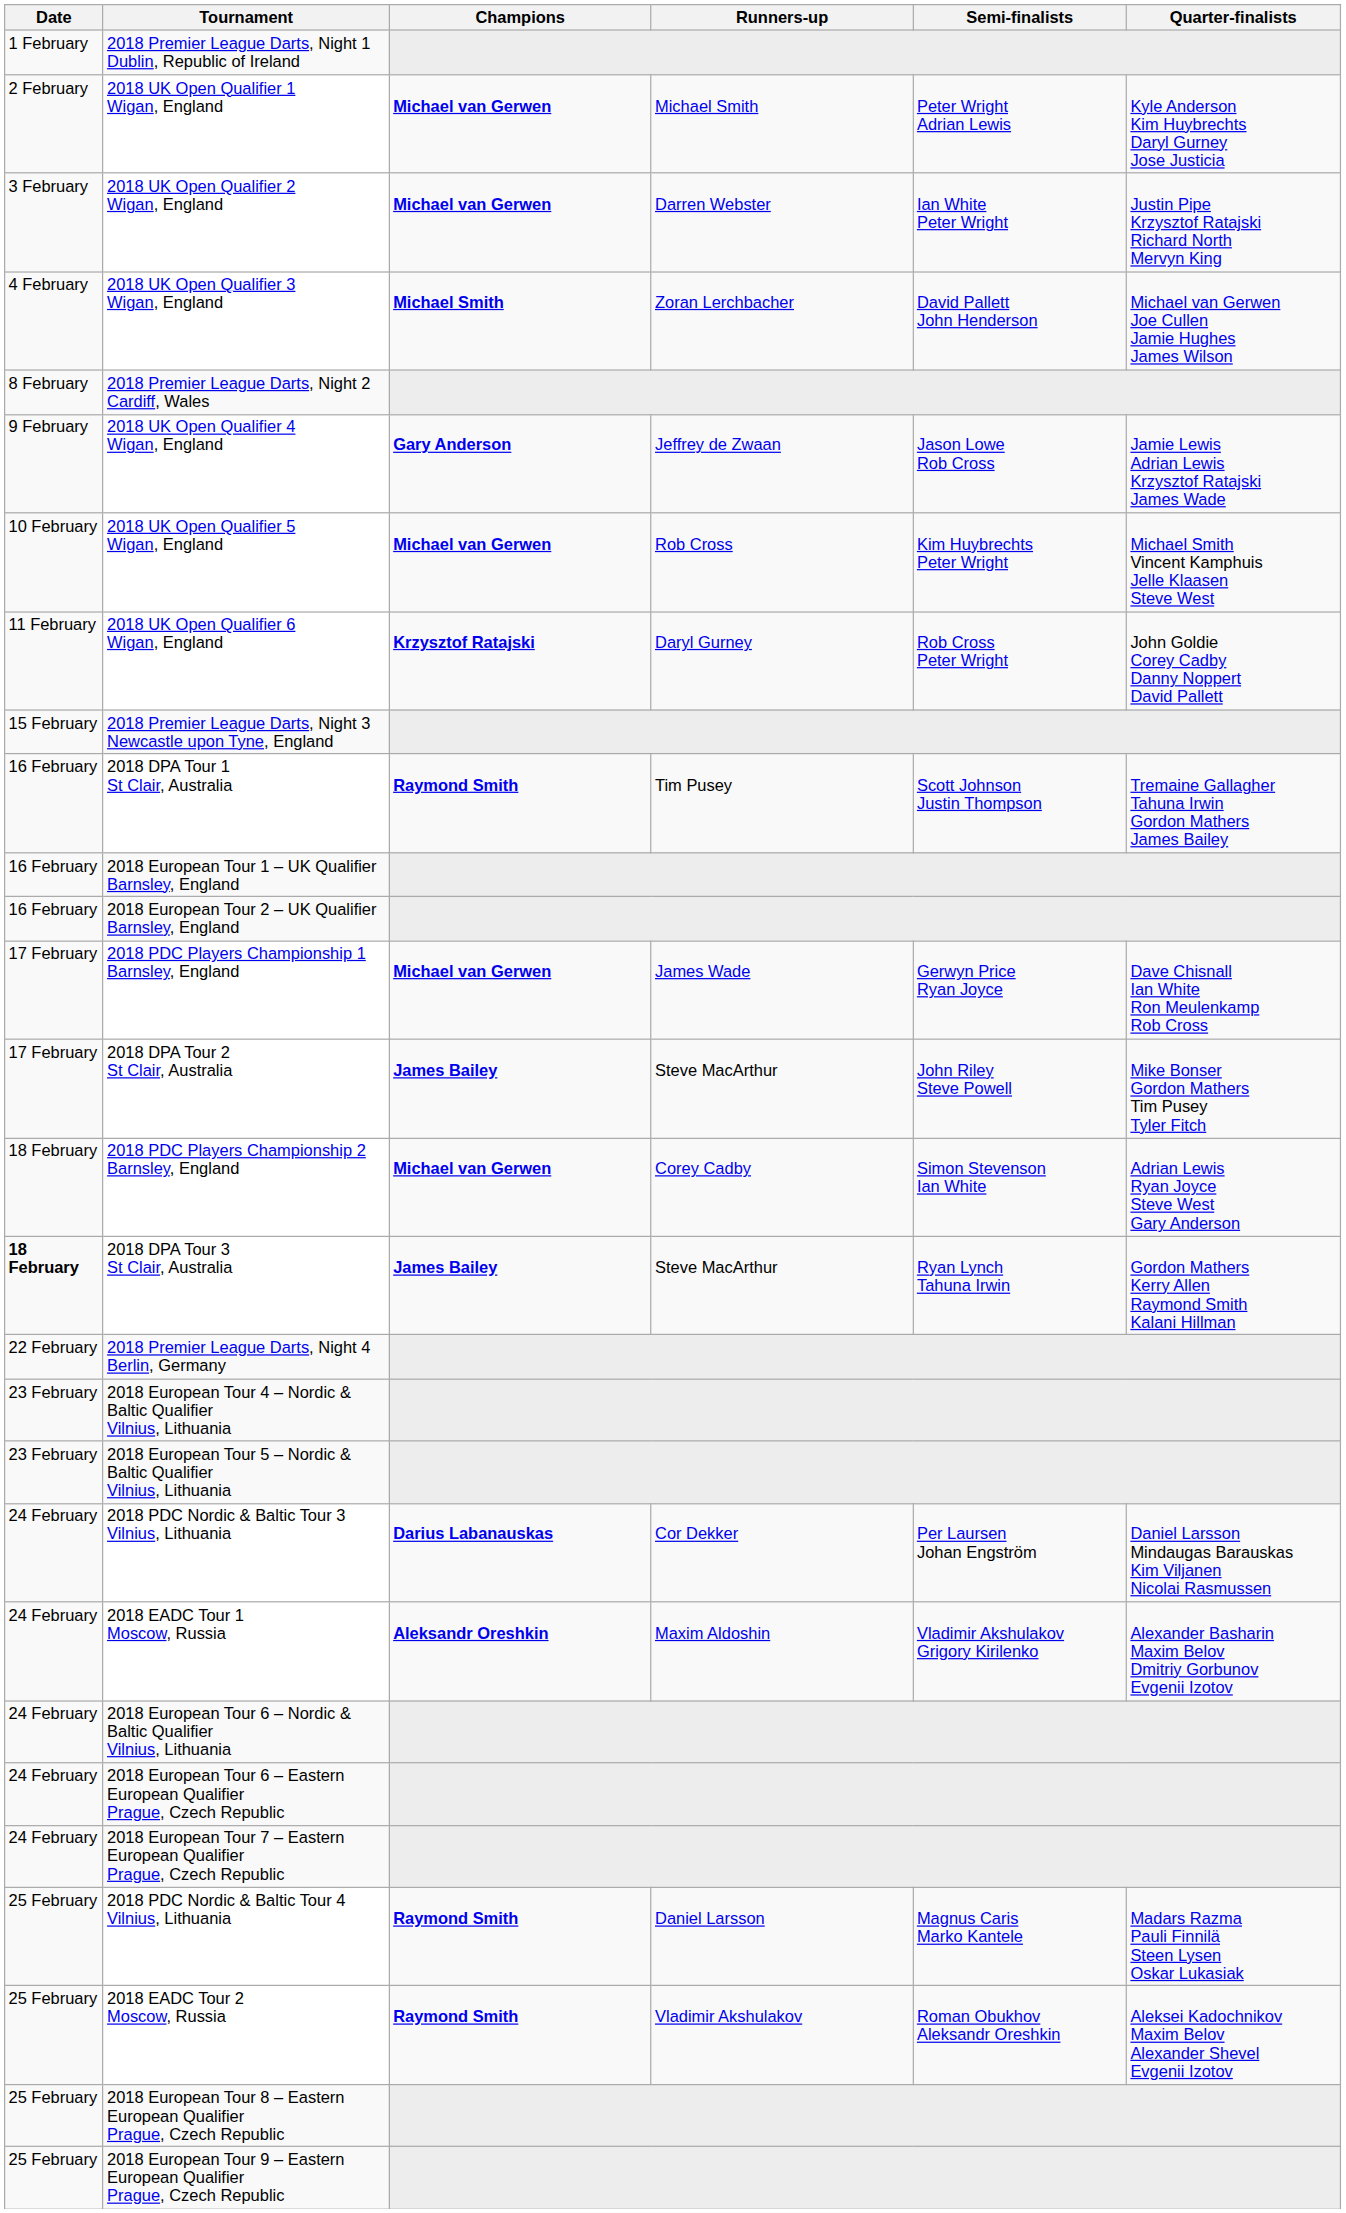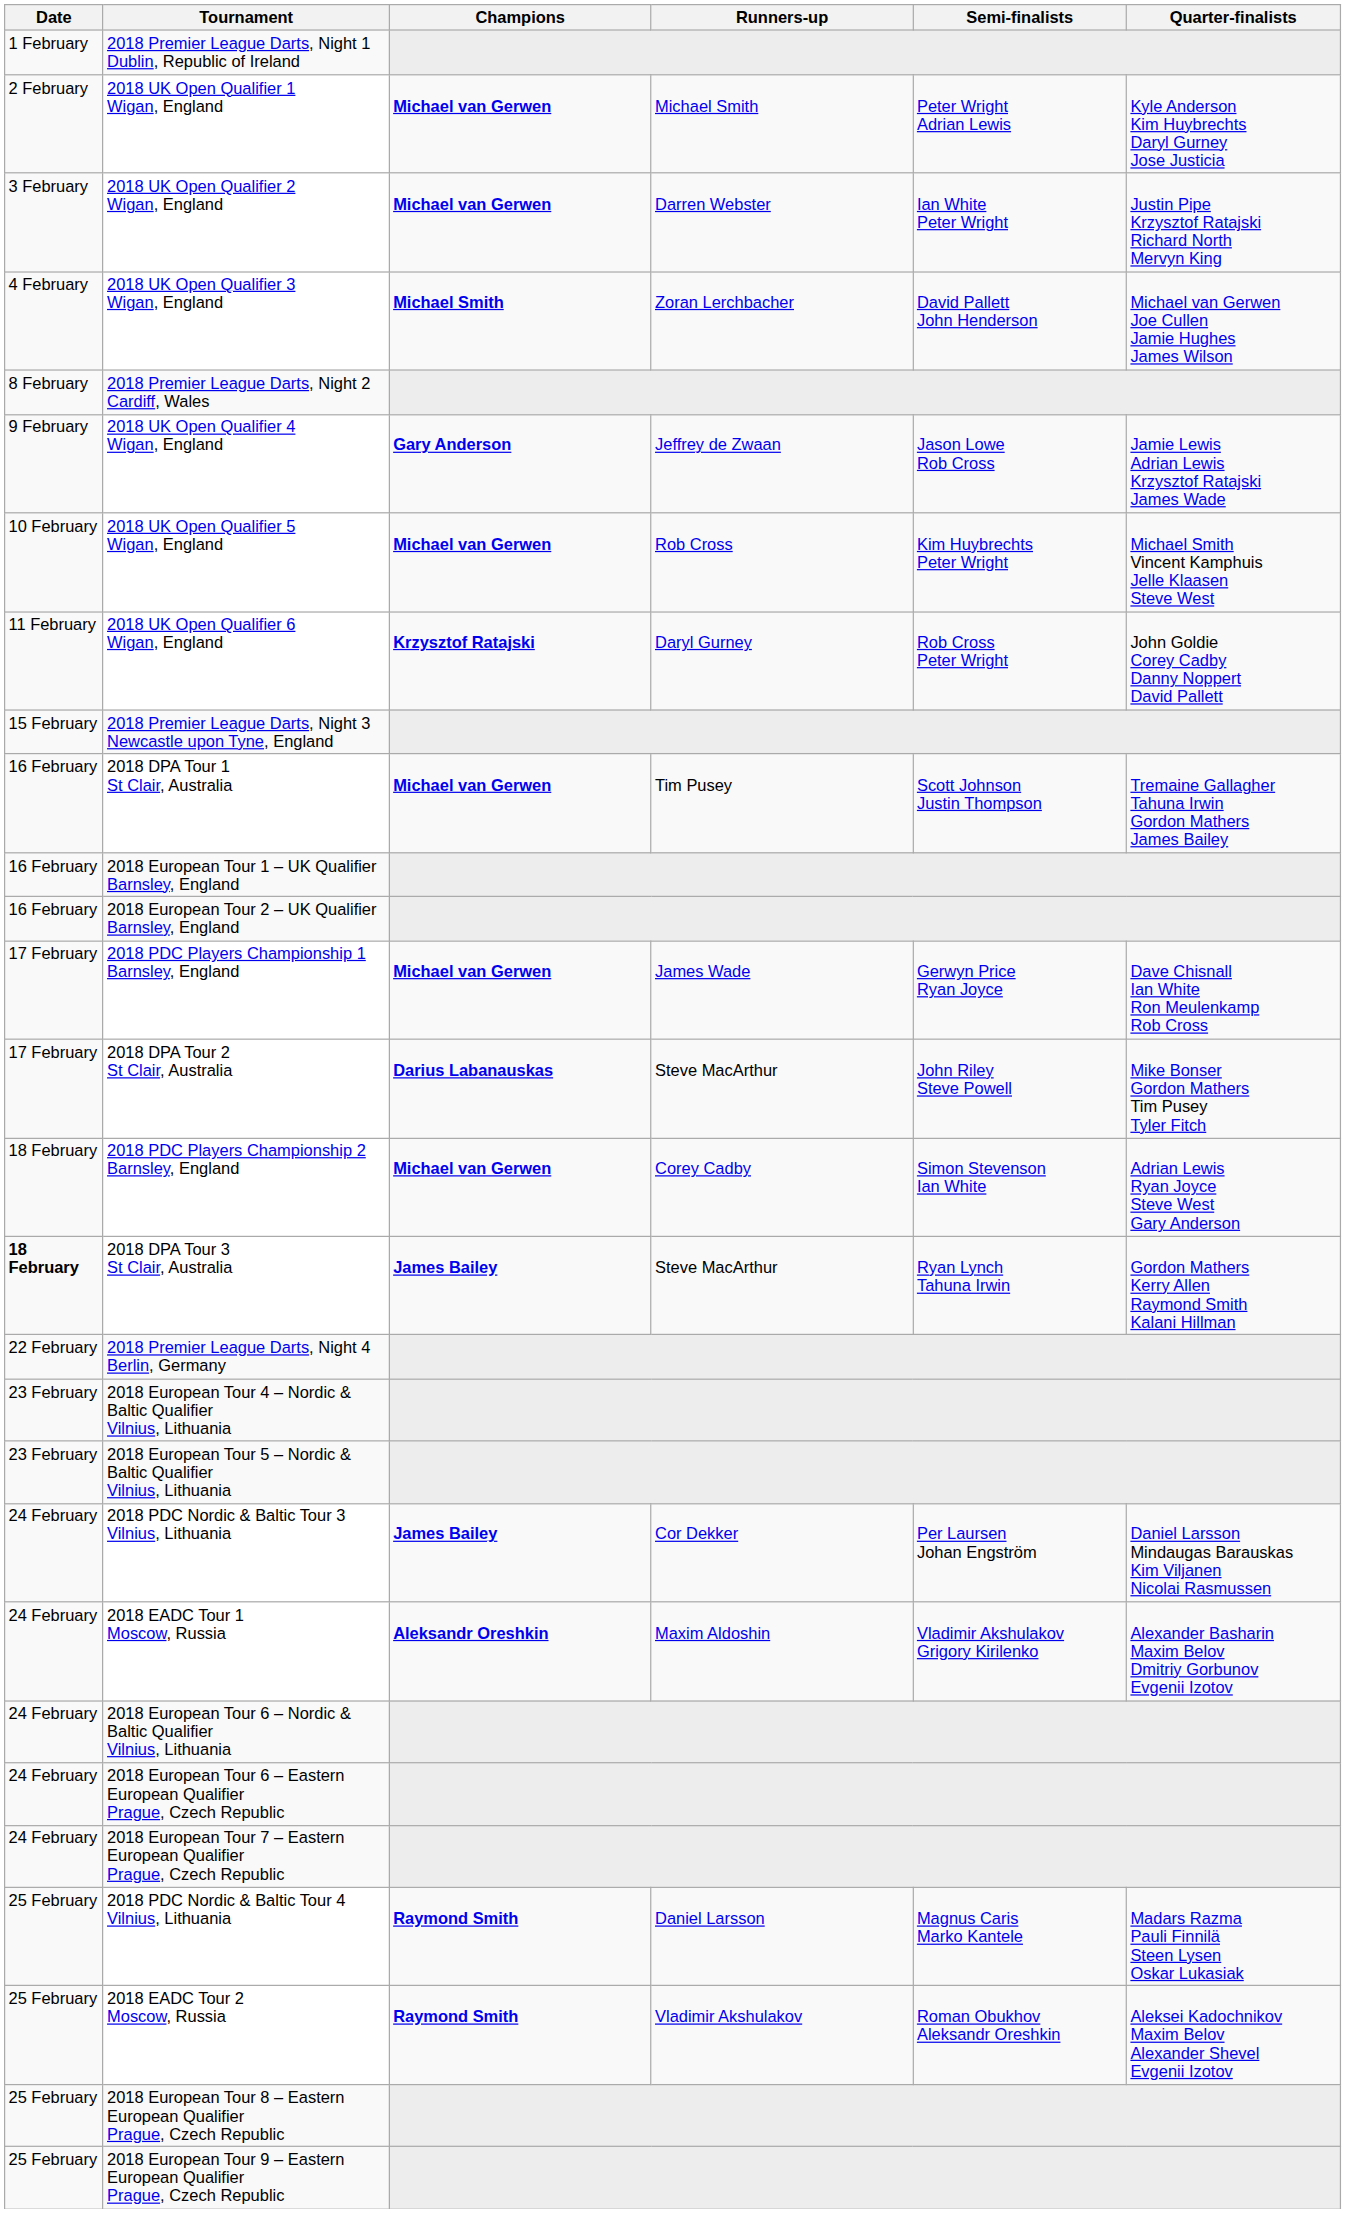 <table class=wikitable style=font-size:85%>
 <tr>
 <th width=75>Date</th>
 <th width=230>Tournament</th>
 <th width=210>Champions</th>
 <th width=210>Runners-up</th>
 <th width=170>Semi-finalists</th>
 <th width=170>Quarter-finalists</th>
 </tr>
 <tr valign="top">
 <td rowspan=1>1 February</td>
 <td><a href='#'>2018 Premier League Darts</a>, Night 1 <br><a href='#'>Dublin</a>, Republic of Ireland</td>
 <td colspan=4 bgcolor="#ededed"></td>
 </tr>
 <tr valign="top">
 <td>2 February</td>
 <td bgcolor="#ffffff"><a href='#'>2018 UK Open Qualifier 1</a><br><a href='#'>Wigan</a>, England</td>
 <td><br> <strong><a href='#'>Michael van Gerwen</a></strong></td>
 <td><br> <a href='#'>Michael Smith</a></td>
 <td><br> <a href='#'>Peter Wright</a> <br>  <a href='#'>Adrian Lewis</a></td>
 <td><br> <a href='#'>Kyle Anderson</a> <br>  <a href='#'>Kim Huybrechts</a> <br>  <a href='#'>Daryl Gurney</a> <br>  <a href='#'>Jose Justicia</a></td>
 </tr>
 <tr valign="top">
 <td>3 February</td>
 <td bgcolor="#ffffff"><a href='#'>2018 UK Open Qualifier 2</a><br><a href='#'>Wigan</a>, England</td>
 <td><br> <strong><a href='#'>Michael van Gerwen</a></strong></td>
 <td><br> <a href='#'>Darren Webster</a></td>
 <td><br> <a href='#'>Ian White</a> <br>  <a href='#'>Peter Wright</a></td>
 <td><br> <a href='#'>Justin Pipe</a> <br>  <a href='#'>Krzysztof Ratajski</a> <br>  <a href='#'>Richard North</a> <br>  <a href='#'>Mervyn King</a></td>
 </tr>
 <tr valign="top">
 <td>4 February</td>
 <td bgcolor="#ffffff"><a href='#'>2018 UK Open Qualifier 3</a><br><a href='#'>Wigan</a>, England</td>
 <td><br> <strong><a href='#'>Michael Smith</a></strong></td>
 <td><br> <a href='#'>Zoran Lerchbacher</a></td>
 <td><br> <a href='#'>David Pallett</a> <br>  <a href='#'>John Henderson</a></td>
 <td><br> <a href='#'>Michael van Gerwen</a> <br>  <a href='#'>Joe Cullen</a> <br>  <a href='#'>Jamie Hughes</a> <br>  <a href='#'>James Wilson</a></td>
 </tr>
 <tr valign="top">
 <td rowspan=1>8 February</td>
 <td><a href='#'>2018 Premier League Darts</a>, Night 2 <br><a href='#'>Cardiff</a>, Wales</td>
 <td colspan=4 bgcolor="#ededed"></td>
 </tr>
 <tr valign="top">
 <td>9 February</td>
 <td bgcolor="#ffffff"><a href='#'>2018 UK Open Qualifier 4</a><br><a href='#'>Wigan</a>, England</td>
 <td><br> <strong><a href='#'>Gary Anderson</a></strong></td>
 <td><br> <a href='#'>Jeffrey de Zwaan</a></td>
 <td><br> <a href='#'>Jason Lowe</a> <br>  <a href='#'>Rob Cross</a></td>
 <td><br> <a href='#'>Jamie Lewis</a> <br>  <a href='#'>Adrian Lewis</a> <br>  <a href='#'>Krzysztof Ratajski</a> <br>  <a href='#'>James Wade</a></td>
 </tr>
 <tr valign="top">
 <td>10 February</td>
 <td bgcolor="#ffffff"><a href='#'>2018 UK Open Qualifier 5</a><br><a href='#'>Wigan</a>, England</td>
 <td><br> <strong><a href='#'>Michael van Gerwen</a></strong></td>
 <td><br> <a href='#'>Rob Cross</a></td>
 <td><br> <a href='#'>Kim Huybrechts</a> <br>  <a href='#'>Peter Wright</a></td>
 <td><br> <a href='#'>Michael Smith</a> <br>  Vincent Kamphuis <br>  <a href='#'>Jelle Klaasen</a> <br>  <a href='#'>Steve West</a></td>
 </tr>
 <tr valign="top">
 <td>11 February</td>
 <td bgcolor="#ffffff"><a href='#'>2018 UK Open Qualifier 6</a><br><a href='#'>Wigan</a>, England</td>
 <td><br> <strong><a href='#'>Krzysztof Ratajski</a></strong></td>
 <td><br> <a href='#'>Daryl Gurney</a></td>
 <td><br> <a href='#'>Rob Cross</a> <br>  <a href='#'>Peter Wright</a></td>
 <td><br> John Goldie <br>  <a href='#'>Corey Cadby</a> <br>  <a href='#'>Danny Noppert</a> <br>  <a href='#'>David Pallett</a></td>
 </tr>
 <tr valign="top">
 <td rowspan=1>15 February</td>
 <td><a href='#'>2018 Premier League Darts</a>, Night 3 <br><a href='#'>Newcastle upon Tyne</a>, England</td>
 <td colspan=4 bgcolor="#ededed"></td>
 </tr>
 <tr valign="top">
 <td>16 February</td>
 <td bgcolor="#ffffff">2018 DPA Tour 1<br><a href='#'>St Clair</a>, Australia</td>
-<td><br> <strong><a href='#'>Raymond Smith</a></strong></td>
+<td><br> <strong><a href='#'>Michael van Gerwen</a></strong></td>
 <td><br> Tim Pusey</td>
 <td><br> <a href='#'>Scott Johnson</a>  <br>  <a href='#'>Justin Thompson</a></td>
 <td><br> <a href='#'>Tremaine Gallagher</a> <br>  <a href='#'>Tahuna Irwin</a> <br>  <a href='#'>Gordon Mathers</a> <br>  <a href='#'>James Bailey</a></td>
 </tr>
 <tr valign="top">
 <td rowspan=1>16 February</td>
 <td>2018 European Tour 1 – UK Qualifier <br><a href='#'>Barnsley</a>, England</td>
 <td colspan=4 bgcolor="#ededed"></td>
 </tr>
 <tr valign="top">
 <td rowspan=1>16 February</td>
 <td>2018 European Tour 2 – UK Qualifier <br><a href='#'>Barnsley</a>, England</td>
 <td colspan=4 bgcolor="#ededed"></td>
 </tr>
 <tr valign="top">
 <td>17 February</td>
 <td bgcolor="#ffffff"><a href='#'>2018 PDC Players Championship 1</a><br><a href='#'>Barnsley</a>, England</td>
 <td><br> <strong><a href='#'>Michael van Gerwen</a></strong></td>
 <td><br> <a href='#'>James Wade</a></td>
 <td><br> <a href='#'>Gerwyn Price</a> <br>  <a href='#'>Ryan Joyce</a></td>
 <td><br> <a href='#'>Dave Chisnall</a> <br>  <a href='#'>Ian White</a> <br>  <a href='#'>Ron Meulenkamp</a> <br>  <a href='#'>Rob Cross</a></td>
 </tr>
 <tr valign="top">
 <td>17 February</td>
 <td bgcolor="#ffffff">2018 DPA Tour 2<br><a href='#'>St Clair</a>, Australia</td>
-<td><br> <strong><a href='#'>James Bailey</a></strong></td>
+<td><br> <strong><a href='#'>Darius Labanauskas</a></strong></td>
 <td><br> Steve MacArthur</td>
 <td><br> <a href='#'>John Riley</a> <br>  <a href='#'>Steve Powell</a></td>
 <td><br> <a href='#'>Mike Bonser</a> <br>  <a href='#'>Gordon Mathers</a> <br>  Tim Pusey <br>  <a href='#'>Tyler Fitch</a></td>
 </tr>
 <tr valign="top">
 <td>18 February</td>
 <td bgcolor="#ffffff"><a href='#'>2018 PDC Players Championship 2</a><br><a href='#'>Barnsley</a>, England</td>
 <td><br> <strong><a href='#'>Michael van Gerwen</a></strong></td>
 <td><br> <a href='#'>Corey Cadby</a></td>
 <td><br> <a href='#'>Simon Stevenson</a> <br>  <a href='#'>Ian White</a></td>
 <td><br> <a href='#'>Adrian Lewis</a> <br>  <a href='#'>Ryan Joyce</a> <br>  <a href='#'>Steve West</a> <br>  <a href='#'>Gary Anderson</a></td>
 </tr>
 <tr valign="top">
 <td><strong>18 February</strong></td>
 <td bgcolor="#ffffff">2018 DPA Tour 3<br><a href='#'>St Clair</a>, Australia</td>
 <td><br> <strong><a href='#'>James Bailey</a></strong></td>
 <td><br> Steve MacArthur</td>
 <td><br> <a href='#'>Ryan Lynch</a> <br>  <a href='#'>Tahuna Irwin</a></td>
 <td><br> <a href='#'>Gordon Mathers</a>  <br>  <a href='#'>Kerry Allen</a> <br>  <a href='#'>Raymond Smith</a> <br>  <a href='#'>Kalani Hillman</a></td>
 </tr>
 <tr valign="top">
 <td rowspan=1>22 February</td>
 <td><a href='#'>2018 Premier League Darts</a>, Night 4 <br><a href='#'>Berlin</a>, Germany</td>
 <td colspan=4 bgcolor="#ededed"></td>
 </tr>
 <tr valign="top">
 <td rowspan=1>23 February</td>
 <td>2018 European Tour 4 – Nordic & Baltic Qualifier <br><a href='#'>Vilnius</a>, Lithuania</td>
 <td colspan=4 bgcolor="#ededed"></td>
 </tr>
 <tr valign="top">
 <td rowspan=1>23 February</td>
 <td>2018 European Tour 5 – Nordic & Baltic Qualifier <br><a href='#'>Vilnius</a>, Lithuania</td>
 <td colspan=4 bgcolor="#ededed"></td>
 </tr>
 <tr valign="top">
 <td>24 February</td>
 <td bgcolor="#ffffff">2018 PDC Nordic & Baltic Tour 3<br><a href='#'>Vilnius</a>, Lithuania</td>
-<td><br> <strong><a href='#'>Darius Labanauskas</a></strong></td>
+<td><br> <strong><a href='#'>James Bailey</a></strong></td>
 <td><br> <a href='#'>Cor Dekker</a></td>
 <td><br> <a href='#'>Per Laursen</a><br>  Johan Engström</td>
 <td><br> <a href='#'>Daniel Larsson</a><br>  Mindaugas Barauskas  <br>  <a href='#'>Kim Viljanen</a> <br>  <a href='#'>Nicolai Rasmussen</a></td>
 </tr>
 <tr valign="top">
 <td>24 February</td>
 <td bgcolor="#ffffff">2018 EADC Tour 1<br><a href='#'>Moscow</a>, Russia</td>
 <td><br> <strong><a href='#'>Aleksandr Oreshkin</a></strong></td>
 <td><br> <a href='#'>Maxim Aldoshin</a></td>
 <td><br> <a href='#'>Vladimir Akshulakov</a> <br>  <a href='#'>Grigory Kirilenko</a></td>
 <td><br> <a href='#'>Alexander Basharin</a> <br>  <a href='#'>Maxim Belov</a> <br>  <a href='#'>Dmitriy Gorbunov</a> <br>  <a href='#'>Evgenii Izotov</a></td>
 </tr>
 <tr valign="top">
 <td rowspan=1>24 February</td>
 <td>2018 European Tour 6 – Nordic & Baltic Qualifier <br><a href='#'>Vilnius</a>, Lithuania</td>
 <td colspan=4 bgcolor="#ededed"></td>
 </tr>
 <tr valign="top">
 <td rowspan=1>24 February</td>
 <td>2018 European Tour 6 – Eastern European Qualifier <br><a href='#'>Prague</a>, Czech Republic</td>
 <td colspan=4 bgcolor="#ededed"></td>
 </tr>
 <tr valign="top">
 <td rowspan=1>24 February</td>
 <td>2018 European Tour 7 – Eastern European Qualifier <br><a href='#'>Prague</a>, Czech Republic</td>
 <td colspan=4 bgcolor="#ededed"></td>
 </tr>
 <tr valign="top">
 <td>25 February</td>
 <td bgcolor="#ffffff">2018 PDC Nordic & Baltic Tour 4<br><a href='#'>Vilnius</a>, Lithuania</td>
 <td><br> <strong><a href='#'>Raymond Smith</a></strong></td>
 <td><br> <a href='#'>Daniel Larsson</a></td>
 <td><br> <a href='#'>Magnus Caris</a> <br>  <a href='#'>Marko Kantele</a></td>
 <td><br> <a href='#'>Madars Razma</a> <br>  <a href='#'>Pauli Finnilä</a> <br>  <a href='#'>Steen Lysen</a> <br>  <a href='#'>Oskar Lukasiak</a></td>
 </tr>
 <tr valign="top">
 <td>25 February</td>
 <td bgcolor="#ffffff">2018 EADC Tour 2<br><a href='#'>Moscow</a>, Russia</td>
 <td><br> <strong><a href='#'>Raymond Smith</a></strong></td>
 <td><br> <a href='#'>Vladimir Akshulakov</a></td>
 <td><br> <a href='#'>Roman Obukhov</a> <br>  <a href='#'>Aleksandr Oreshkin</a></td>
 <td><br> <a href='#'>Aleksei Kadochnikov</a> <br>  <a href='#'>Maxim Belov</a> <br>  <a href='#'>Alexander Shevel</a> <br>  <a href='#'>Evgenii Izotov</a></td>
 </tr>
 <tr valign="top">
 <td rowspan=1>25 February</td>
 <td>2018 European Tour 8 – Eastern European Qualifier <br><a href='#'>Prague</a>, Czech Republic</td>
 <td colspan=4 bgcolor="#ededed"></td>
 </tr>
 <tr valign="top">
 <td rowspan=1>25 February</td>
 <td>2018 European Tour 9 – Eastern European Qualifier <br><a href='#'>Prague</a>, Czech Republic</td>
 <td colspan=4 bgcolor="#ededed"></td>
 </tr>
 </table>
